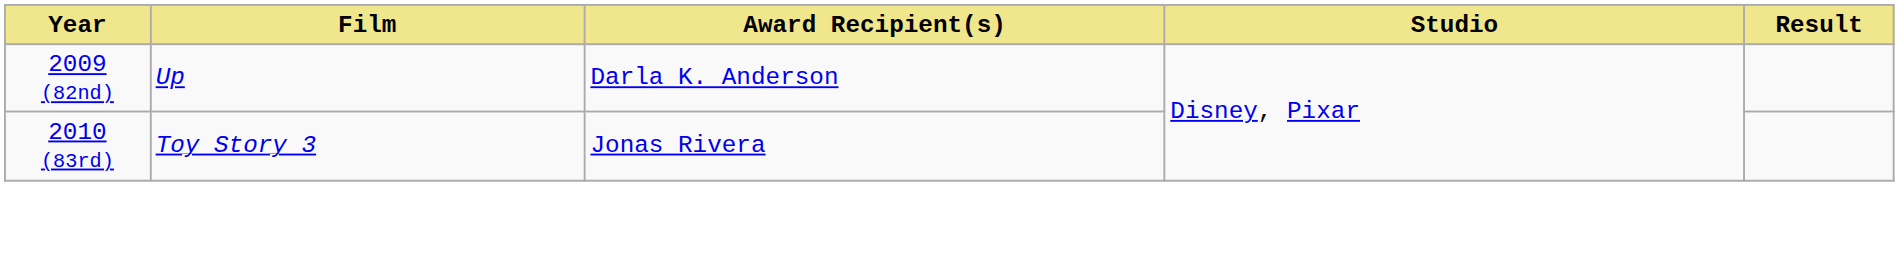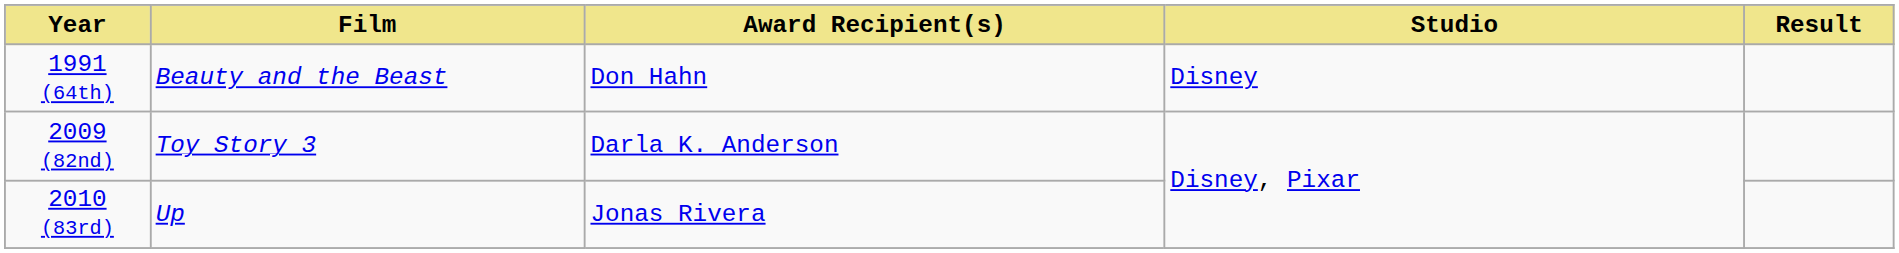 <table class="wikitable" width="80%">
 <tr>
 <th width="5%" style="background:#F0E68C">Year</th>
 <th width="15%" style="background:#F0E68C">Film</th>
 <th width="20%" style="background:#F0E68C">Award Recipient(s)</th>
 <th width="20%" style="background:#F0E68C">Studio</th>
 <th width="5%" style="background:#F0E68C">Result</th>
 </tr>
 <tr>
+<td align="center"><a href='#'>1991</a><br><small><a href='#'>(64th)</a></small></td>
+<td><em><a href='#'>Beauty and the Beast</a></em></td>
+<td><a href='#'>Don Hahn</a></td>
+<td><a href='#'>Disney</a></td>
+<td></td>
+</tr>
+<tr>
 <td align="center"><a href='#'>2009</a><br><small><a href='#'>(82nd)</a></small></td>
-<td><em><a href='#'>Up</a></em></td>
+<td><em><a href='#'>Toy Story 3</a></em></td>
 <td><a href='#'>Darla K. Anderson</a></td>
 <td rowspan="2"><a href='#'>Disney</a>, <a href='#'>Pixar</a></td>
 <td></td>
 </tr>
 <tr>
 <td align="center"><a href='#'>2010</a><br><small><a href='#'>(83rd)</a></small></td>
-<td><em><a href='#'>Toy Story 3</a></em></td>
+<td><em><a href='#'>Up</a></em></td>
 <td><a href='#'>Jonas Rivera</a></td>
 <td></td>
 </tr>
 </table>
